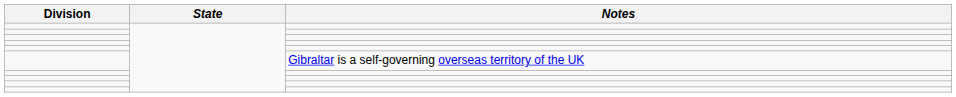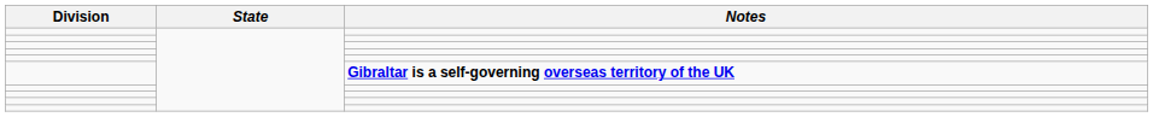 <table width="100%" class="wikitable">
 <tr>
 <th width="160px">Division</th>
 <th class="unsortable" width="200px"><em>State</em></th>
 <th class="unsortable"><em>Notes</em></th>
 </tr>
 <tr>
 <td></td>
 <td rowspan="12"></td>
 <td></td>
 </tr>
 <tr>
 <td></td>
 <td></td>
 </tr>
 <tr>
 <td></td>
 <td></td>
 </tr>
 <tr>
 <td></td>
 <td></td>
 </tr>
 <tr>
 <td></td>
 <td></td>
 </tr>
 <tr>
 <td></td>
-<td><a href='#'>Gibraltar</a> is a self-governing <a href='#'>overseas territory of the UK</a></td>
+<td><strong><a href='#'>Gibraltar</a> is a self-governing <a href='#'>overseas territory of the UK</a></strong></td>
 </tr>
 <tr>
 <td></td>
 <td></td>
 </tr>
 <tr>
 <td></td>
 <td></td>
 </tr>
 <tr>
 <td></td>
 <td></td>
 </tr>
 <tr>
 <td></td>
 <td></td>
 </tr>
 </table>
